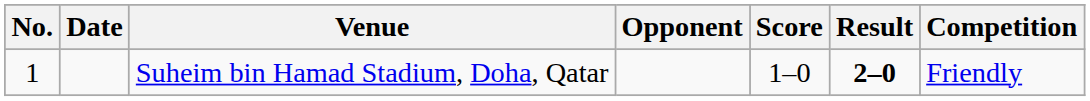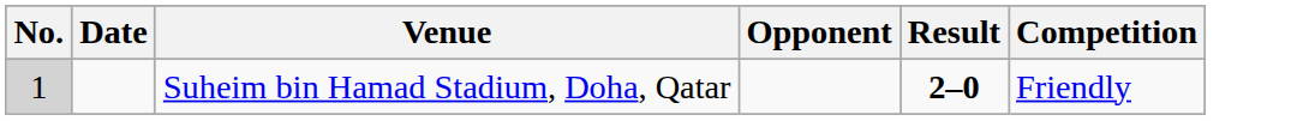 <table class="wikitable sortable">
 <tr>
 <th scope="col">No.</th>
 <th scope="col">Date</th>
 <th scope="col">Venue</th>
 <th scope="col">Opponent</th>
-<th scope="col">Score</th>
 <th scope="col">Result</th>
 <th scope="col">Competition</th>
 </tr>
 <tr>
-<td align="center">1</td>
+<td align="center" style="background: lightgrey;">1</td>
 <td></td>
 <td><a href='#'>Suheim bin Hamad Stadium</a>, <a href='#'>Doha</a>, Qatar</td>
 <td></td>
-<td align="center">1–0</td>
 <td align="center"><strong>2–0</strong></td>
 <td><a href='#'>Friendly</a></td>
 </tr>
 </table>
